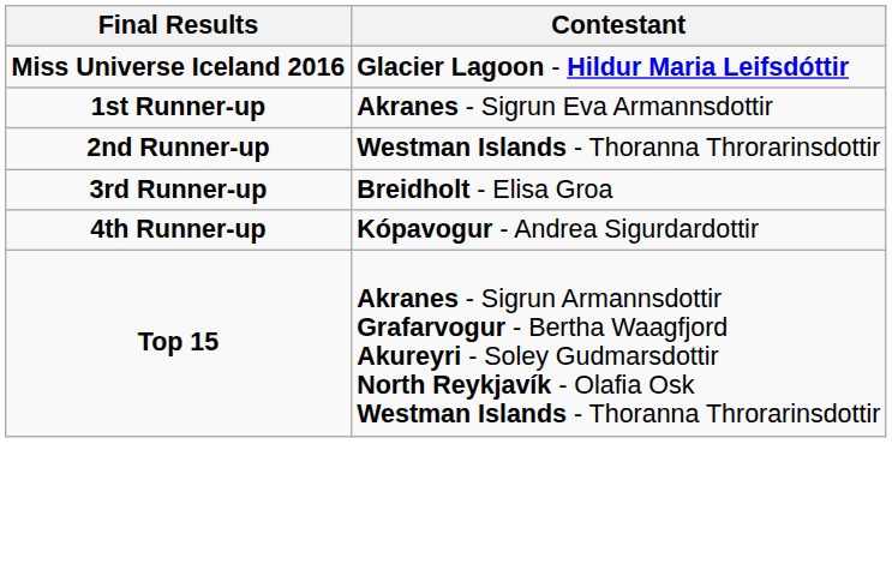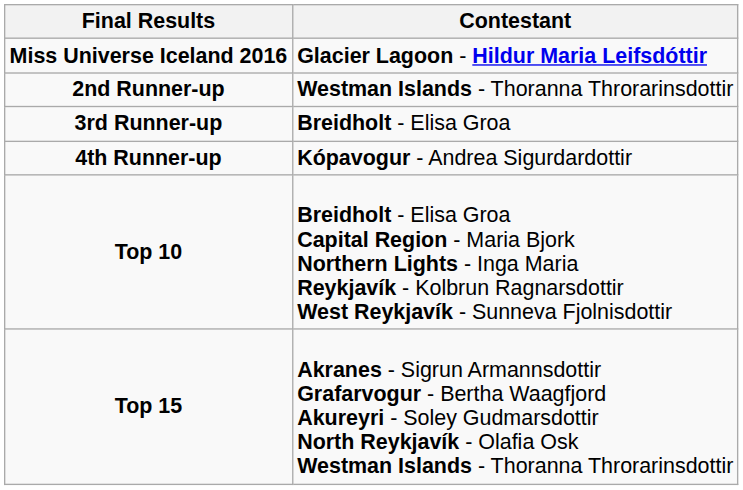 <table class="wikitable" border="1">
 <tr>
 <th>Final Results</th>
 <th>Contestant</th>
 </tr>
 <tr>
 <td style="text-align:center;"><strong>Miss Universe Iceland 2016</strong></td>
 <td><strong>Glacier Lagoon</strong> - <strong><a href='#'>Hildur Maria Leifsdóttir</a></strong></td>
-</tr>
-<tr>
-<td style="text-align:center;"><strong>1st Runner-up</strong></td>
-<td><strong>Akranes</strong> - Sigrun Eva Armannsdottir</td>
 </tr>
 <tr>
 <td style="text-align:center;"><strong>2nd Runner-up</strong></td>
 <td><strong>Westman Islands</strong> - Thoranna Throrarinsdottir</td>
 </tr>
 <tr>
 <td style="text-align:center;"><strong>3rd Runner-up</strong></td>
 <td><strong>Breidholt</strong> - Elisa Groa</td>
 </tr>
 <tr>
 <td style="text-align:center;"><strong>4th Runner-up</strong></td>
 <td><strong>Kópavogur</strong> - Andrea Sigurdardottir</td>
 </tr>
 <tr>
+<td style="text-align:center;"><strong>Top 10</strong></td>
+<td><br><strong>Breidholt</strong> - Elisa Groa <br> <strong>Capital Region</strong> - Maria Bjork <br> <strong>Northern Lights</strong> - Inga Maria <br> <strong>Reykjavík</strong> - Kolbrun Ragnarsdottir <br> <strong>West Reykjavík</strong> - Sunneva Fjolnisdottir <br></td>
+</tr>
+<tr>
 <td style="text-align:center;"><strong>Top 15</strong></td>
 <td><br><strong>Akranes</strong> - Sigrun Armannsdottir <br> <strong>Grafarvogur</strong> - Bertha Waagfjord <br> <strong>Akureyri</strong> - Soley Gudmarsdottir <br> <strong>North Reykjavík</strong> - Olafia Osk <br> <strong>Westman Islands</strong> - Thoranna Throrarinsdottir <br></td>
 </tr>
 </table>
